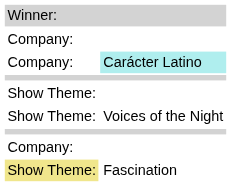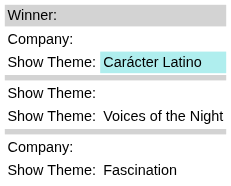 <table border="0" cellpadding="3">
 <tr>
 <td colspan="2" style="background:lightgrey;">Winner: </td>
 </tr>
 <tr>
 <td>Company:</td>
 <td></td>
 </tr>
 <tr>
-<td>Company:</td>
+<td>Show Theme:</td>
 <td style="background: paleturquoise;">Carácter Latino</td>
 </tr>
 <tr>
 <td colspan="2" style="background:lightgrey;"></td>
 </tr>
 <tr>
 <td>Show Theme:</td>
 <td></td>
 </tr>
 <tr>
 <td>Show Theme:</td>
 <td>Voices of the Night</td>
 </tr>
 <tr>
 <td colspan="2" style="background:lightgrey;"></td>
 </tr>
 <tr>
 <td>Company:</td>
 <td></td>
 </tr>
 <tr>
-<td style="background: khaki;">Show Theme:</td>
+<td>Show Theme:</td>
 <td>Fascination</td>
 </tr>
 </table>
